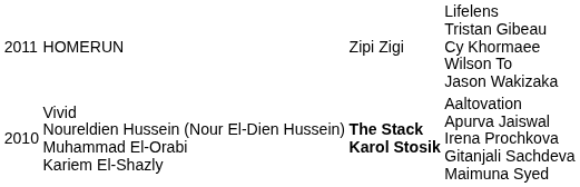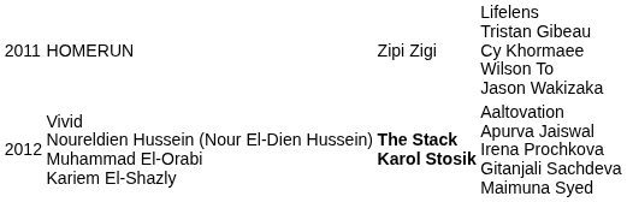 <table>
 <tr>
 <td>2011 </td>
 <td> HOMERUN</td>
 <td> Zipi Zigi</td>
 <td> Lifelens<br>Tristan Gibeau<br>Cy Khormaee<br>Wilson To<br>Jason Wakizaka</td>
 </tr>
 <tr>
-<td>2010 </td>
+<td>2012 </td>
 <td> Vivid<br>Noureldien Hussein (Nour El-Dien Hussein)<br>Muhammad El-Orabi<br>Kariem El-Shazly</td>
 <td><strong> The Stack<br>Karol Stosik</strong></td>
 <td> Aaltovation<br>Apurva Jaiswal<br>Irena Prochkova<br>Gitanjali Sachdeva<br>Maimuna Syed</td>
 </tr>
 </table>
